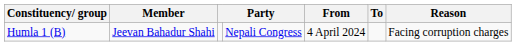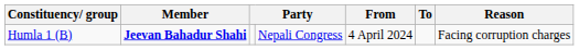 <table class="wikitable">
 <tr>
 <th>Constituency/ group</th>
 <th>Member</th>
 <th colspan="2">Party</th>
 <th>From</th>
 <th>To</th>
 <th>Reason</th>
 </tr>
 <tr>
 <td><a href='#'>Humla 1 (B)</a></td>
-<td><a href='#'>Jeevan Bahadur Shahi</a></td>
+<td><strong><a href='#'>Jeevan Bahadur Shahi</a></strong></td>
 <td></td>
 <td><a href='#'>Nepali Congress</a></td>
 <td>4 April 2024</td>
 <td></td>
 <td>Facing corruption charges</td>
 </tr>
 </table>
